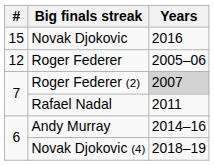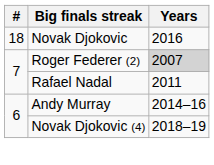 <table class="wikitable" style="display: inline-table;">
 <tr>
 <th width=20>#</th>
 <th>Big finals streak</th>
 <th>Years</th>
 </tr>
 <tr>
-<td align=center>15</td>
+<td align=center>18</td>
 <td> Novak Djokovic</td>
 <td>2016</td>
-</tr>
-<tr>
-<td align=center>12</td>
-<td> Roger Federer</td>
-<td>2005–06</td>
 </tr>
 <tr>
 <td rowspan="2" align=center>7</td>
 <td> Roger Federer <small>(2)</small></td>
 <td style="background: lightgrey;">2007</td>
 </tr>
 <tr>
 <td> Rafael Nadal</td>
 <td>2011</td>
 </tr>
 <tr>
 <td rowspan="2" align=center>6</td>
 <td> Andy Murray</td>
 <td>2014–16</td>
 </tr>
 <tr>
 <td> Novak Djokovic <small>(4)</small></td>
 <td>2018–19</td>
 </tr>
 </table>
